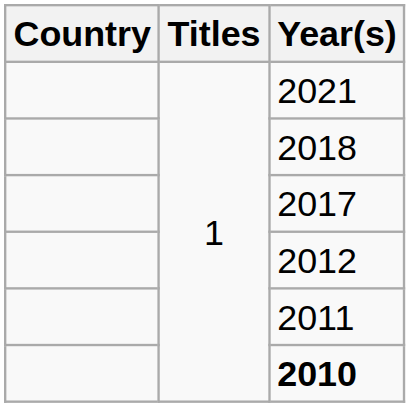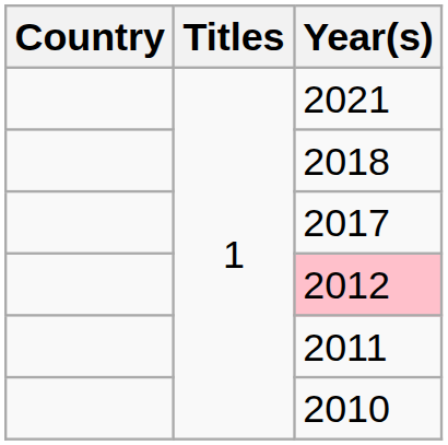 <table class="wikitable sortable" style="font-size: 95%;">
 <tr>
 <th>Country</th>
 <th>Titles</th>
 <th>Year(s)</th>
 </tr>
 <tr>
 <td></td>
 <td rowspan="11" style="text-align:center;">1</td>
 <td>2021</td>
 </tr>
 <tr>
 <td></td>
 <td>2018</td>
 </tr>
 <tr>
 <td></td>
 <td>2017</td>
 </tr>
 <tr>
 <td></td>
-<td>2012</td>
+<td style="background: pink;">2012</td>
 </tr>
 <tr>
 <td></td>
 <td>2011</td>
 </tr>
 <tr>
 <td></td>
-<td><strong>2010</strong></td>
+<td>2010</td>
 </tr>
 </table>
